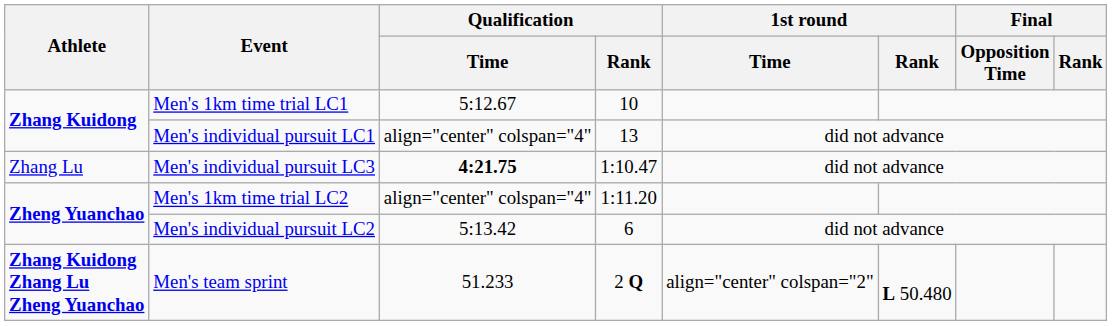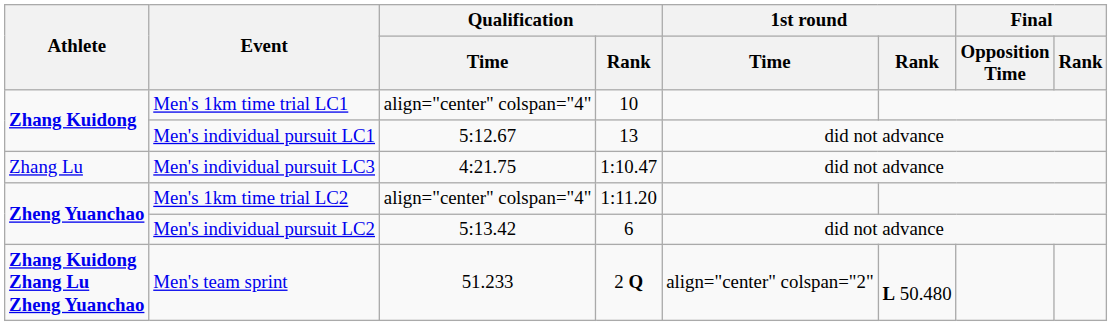 <table class=wikitable style="font-size:90%">
 <tr>
 <th rowspan="2">Athlete</th>
 <th rowspan="2">Event</th>
 <th colspan="2">Qualification</th>
 <th colspan="2">1st round</th>
 <th colspan="2">Final</th>
 </tr>
 <tr>
 <th>Time</th>
 <th>Rank</th>
 <th>Time</th>
 <th>Rank</th>
 <th>Opposition<br>Time</th>
 <th>Rank</th>
 </tr>
 <tr>
 <td rowspan="2"><strong><a href='#'>Zhang Kuidong</a></strong></td>
 <td><a href='#'>Men's 1km time trial LC1</a></td>
-<td align="center">5:12.67</td>
+<td>align="center" colspan="4" </td>
 <td align="center">10</td>
 <td align="center"></td>
 </tr>
 <tr>
 <td><a href='#'>Men's individual pursuit LC1</a></td>
-<td>align="center" colspan="4" </td>
+<td align="center">5:12.67</td>
 <td align="center">13</td>
 <td align="center" colspan="4">did not advance</td>
 </tr>
 <tr>
 <td><a href='#'>Zhang Lu</a></td>
 <td><a href='#'>Men's individual pursuit LC3</a></td>
-<td align="center"><strong>4:21.75</strong></td>
+<td align="center">4:21.75</td>
 <td align="center">1:10.47</td>
 <td align="center" colspan="4">did not advance</td>
 </tr>
 <tr>
 <td rowspan="2"><strong><a href='#'>Zheng Yuanchao</a></strong></td>
 <td><a href='#'>Men's 1km time trial LC2</a></td>
 <td>align="center" colspan="4" </td>
 <td align="center">1:11.20</td>
 <td align="center"></td>
 </tr>
 <tr>
 <td><a href='#'>Men's individual pursuit LC2</a></td>
 <td align="center">5:13.42</td>
 <td align="center">6</td>
 <td align="center" colspan="4">did not advance</td>
 </tr>
 <tr>
 <td><strong><a href='#'>Zhang Kuidong</a></strong><br> <strong><a href='#'>Zhang Lu</a></strong><br> <strong><a href='#'>Zheng Yuanchao</a></strong></td>
 <td><a href='#'>Men's team sprint</a></td>
 <td align="center">51.233</td>
 <td align="center">2 <strong>Q</strong></td>
 <td>align="center" colspan="2" </td>
 <td align="center"><br> <strong>L</strong> 50.480</td>
 <td align="center"></td>
 </tr>
 </table>
